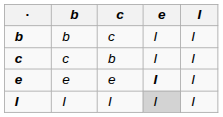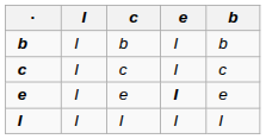 <table class="wikitable" style="margin:1em auto; width:20%;">
 <tr>
 <th>·</th>
-<th><em>b</em></th>
+<th><em>I</em></th>
 <th><em>c</em></th>
 <th><em>e</em></th>
-<th><em>I</em></th>
+<th><em>b</em></th>
 </tr>
 <tr>
 <td>  <strong> <em>b</em> </strong></td>
+<td>  <em>I</em></td>
 <td>  <em>b</em></td>
-<td>  <em>c</em></td>
 <td>  <em>I</em></td>
-<td>  <em>I</em></td>
+<td>  <em>b</em></td>
 </tr>
 <tr>
 <td>  <strong> <em>c</em> </strong></td>
+<td>  <em>I</em></td>
 <td>  <em>c</em></td>
-<td>  <em>b</em></td>
 <td>  <em>I</em></td>
-<td>  <em>I</em></td>
+<td>  <em>c</em></td>
 </tr>
 <tr>
 <td>  <strong> <em>e</em> </strong></td>
-<td>  <em>e</em></td>
+<td>  <em>I</em></td>
 <td>  <em>e</em></td>
 <td><strong>  <em>I</em></strong></td>
-<td>  <em>I</em></td>
+<td>  <em>e</em></td>
 </tr>
 <tr>
 <td>  <strong> <em>I</em> </strong></td>
 <td>  <em>I</em></td>
 <td>  <em>I</em></td>
-<td style="background: lightgrey;">  <em>I</em></td>
+<td>  <em>I</em></td>
 <td>  <em>I</em></td>
 </tr>
 </table>
